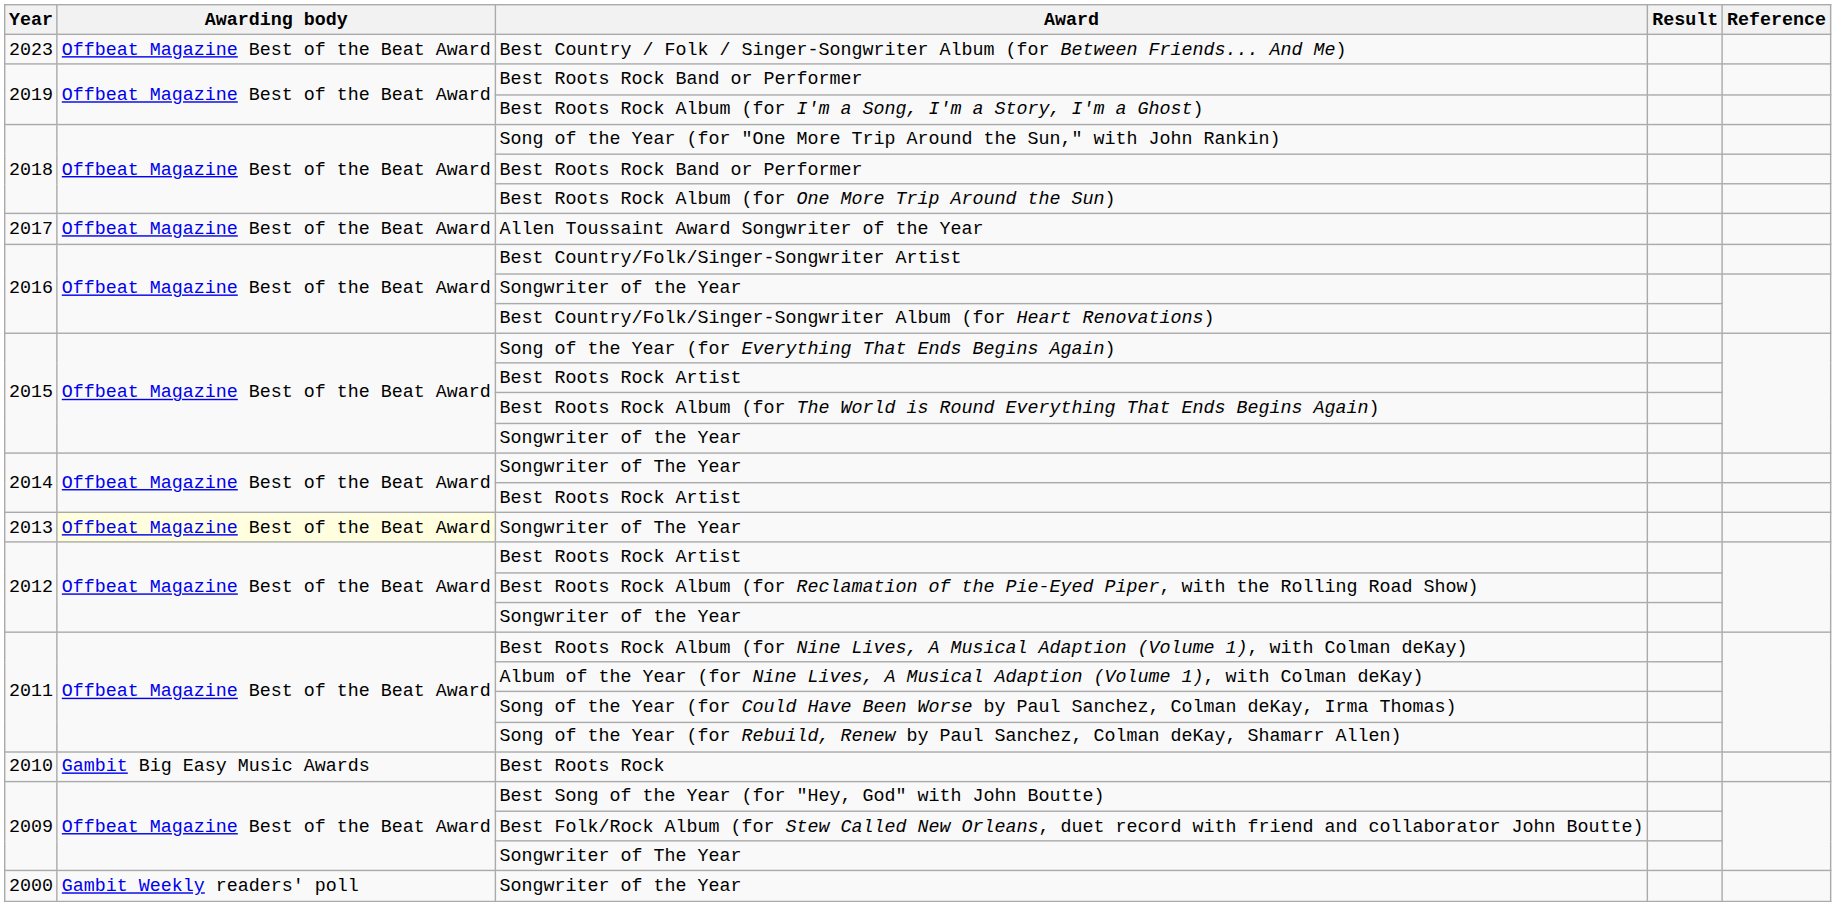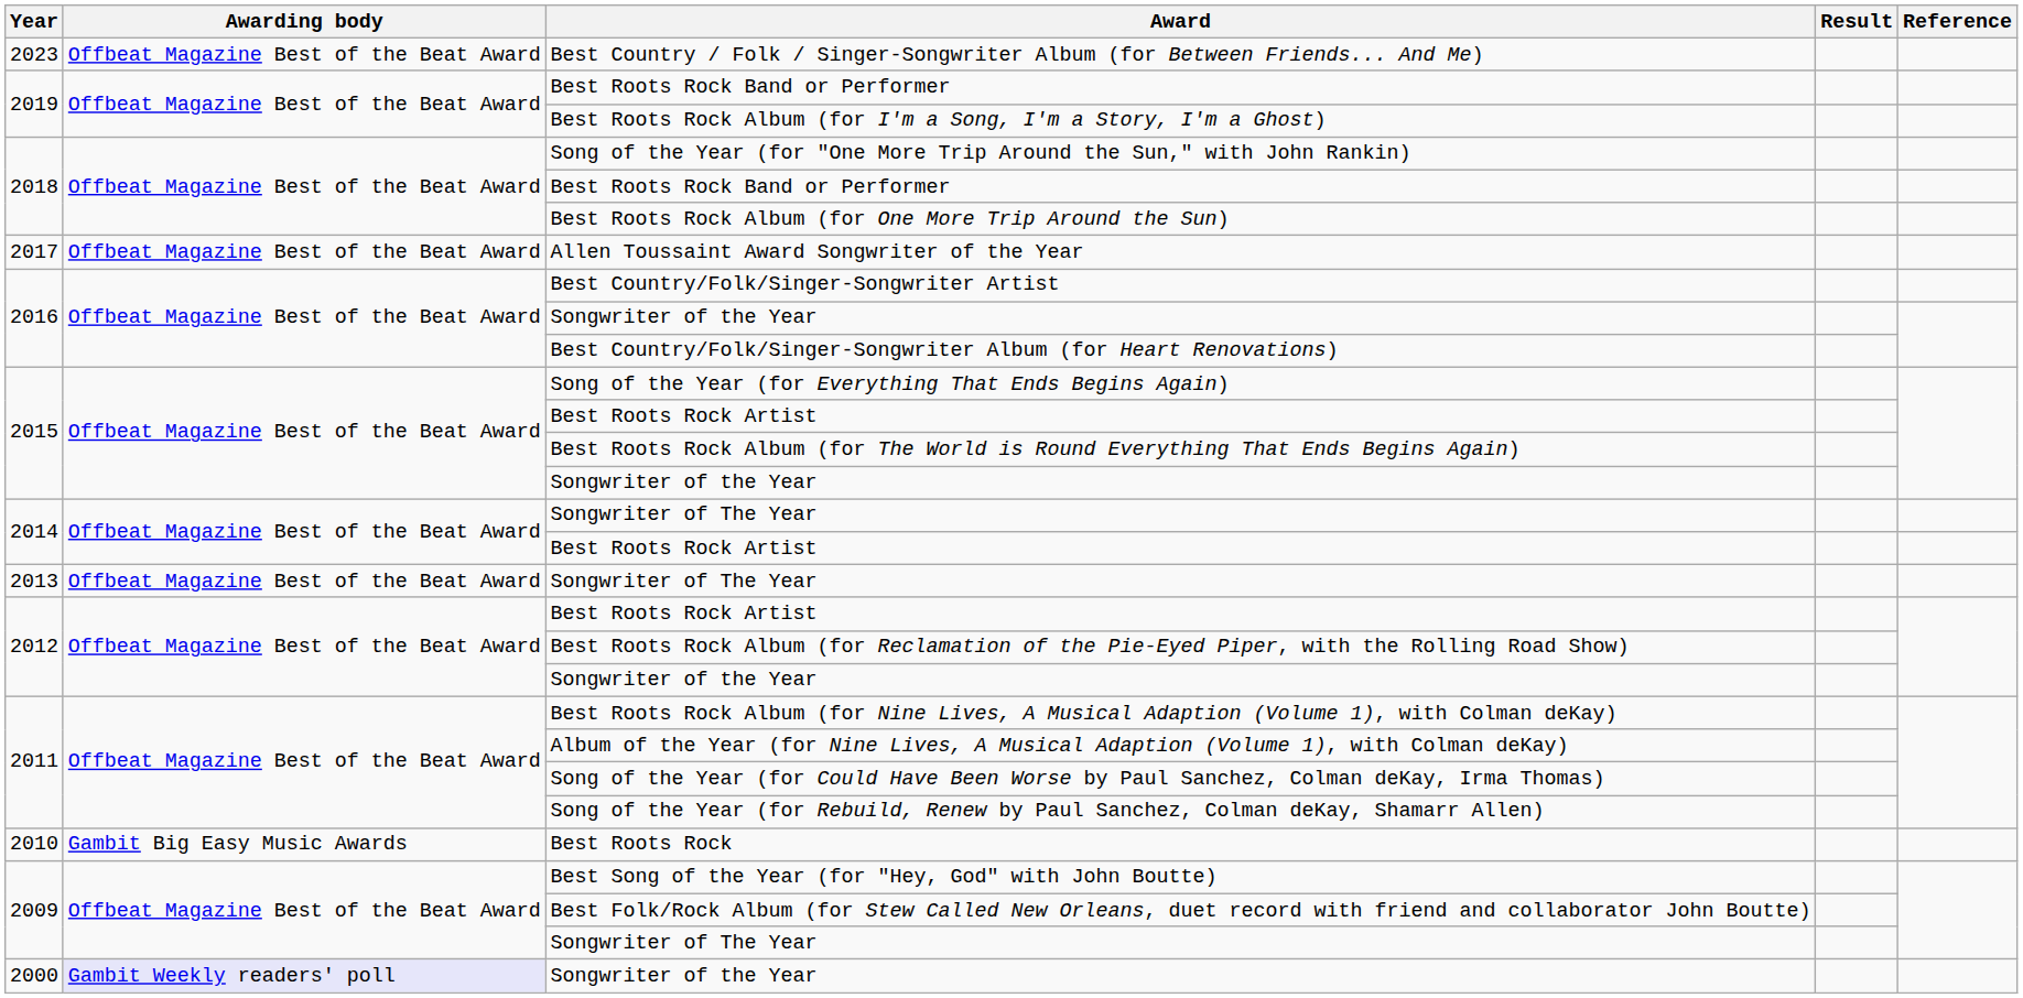 <table class="wikitable">
 <tr>
 <th>Year</th>
 <th>Awarding body</th>
 <th>Award</th>
 <th>Result</th>
 <th>Reference</th>
 </tr>
 <tr>
 <td>2023</td>
 <td><a href='#'>Offbeat Magazine</a> Best of the Beat Award</td>
 <td>Best Country / Folk / Singer-Songwriter Album (for <em>Between Friends... And Me</em>)</td>
 <td></td>
 <td></td>
 </tr>
 <tr>
 <td rowspan="2">2019</td>
 <td rowspan="2"><a href='#'>Offbeat Magazine</a> Best of the Beat Award</td>
 <td>Best Roots Rock Band or Performer</td>
 <td></td>
 <td></td>
 </tr>
 <tr>
 <td>Best Roots Rock Album (for <em>I'm a Song, I'm a Story, I'm a Ghost</em>)</td>
 <td></td>
 <td></td>
 </tr>
 <tr>
 <td rowspan="3">2018</td>
 <td rowspan="3"><a href='#'>Offbeat Magazine</a> Best of the Beat Award</td>
 <td>Song of the Year (for "One More Trip Around the Sun," with John Rankin)</td>
 <td></td>
 <td></td>
 </tr>
 <tr>
 <td>Best Roots Rock Band or Performer</td>
 <td></td>
 <td></td>
 </tr>
 <tr>
 <td>Best Roots Rock Album (for <em>One More Trip Around the Sun</em>)</td>
 <td></td>
 <td></td>
 </tr>
 <tr>
 <td>2017</td>
 <td><a href='#'>Offbeat Magazine</a> Best of the Beat Award</td>
 <td>Allen Toussaint Award Songwriter of the Year</td>
 <td></td>
 <td></td>
 </tr>
 <tr>
 <td rowspan="3">2016</td>
 <td rowspan="3"><a href='#'>Offbeat Magazine</a> Best of the Beat Award</td>
 <td>Best Country/Folk/Singer-Songwriter Artist</td>
 <td></td>
 <td></td>
 </tr>
 <tr>
 <td>Songwriter of the Year</td>
 <td></td>
 <td rowspan="2"></td>
 </tr>
 <tr>
 <td Best Country/Folk/Singer-Songwriter Album (for >Best Country/Folk/Singer-Songwriter Album (for <em>Heart Renovations</em>)</td>
 <td></td>
 </tr>
 <tr>
 <td rowspan="4">2015</td>
 <td rowspan="4"><a href='#'>Offbeat Magazine</a> Best of the Beat Award</td>
 <td Song of the Year (for >Song of the Year (for <em>Everything That Ends Begins Again</em>)</td>
 <td></td>
 <td rowspan="4"></td>
 </tr>
 <tr>
 <td Best Roots Rock Artist>Best Roots Rock Artist</td>
 <td></td>
 </tr>
 <tr>
 <td>Best Roots Rock Album (for <em>The World is Round Everything That Ends Begins Again</em>)</td>
 <td></td>
 </tr>
 <tr>
 <td>Songwriter of the Year</td>
 <td></td>
 </tr>
 <tr>
 <td rowspan="2">2014</td>
 <td rowspan="2"><a href='#'>Offbeat Magazine</a> Best of the Beat Award</td>
 <td>Songwriter of The Year</td>
 <td></td>
 <td></td>
 </tr>
 <tr>
 <td Best Roots Rock Artist>Best Roots Rock Artist</td>
 <td></td>
 <td></td>
 </tr>
 <tr>
 <td>2013</td>
-<td style="background: lightyellow;"><a href='#'>Offbeat Magazine</a> Best of the Beat Award</td>
+<td><a href='#'>Offbeat Magazine</a> Best of the Beat Award</td>
 <td Songwriter of The Year>Songwriter of The Year</td>
 <td></td>
 <td></td>
 </tr>
 <tr>
 <td rowspan="3">2012</td>
 <td rowspan="3"><a href='#'>Offbeat Magazine</a> Best of the Beat Award</td>
 <td Best Roots Rock Artist>Best Roots Rock Artist</td>
 <td></td>
 <td rowspan="3"></td>
 </tr>
 <tr>
 <td Best Roots Rock Album (for >Best Roots Rock Album (for <em>Reclamation of the Pie-Eyed Piper</em>, with the Rolling Road Show)</td>
 <td></td>
 </tr>
 <tr>
 <td>Songwriter of the Year</td>
 <td></td>
 </tr>
 <tr>
 <td rowspan="4">2011</td>
 <td rowspan="4"><a href='#'>Offbeat Magazine</a> Best of the Beat Award</td>
 <td Best Roots Rock Album (for >Best Roots Rock Album (for <em>Nine Lives, A Musical Adaption (Volume 1)</em>, with Colman deKay)</td>
 <td></td>
 <td rowspan="4"></td>
 </tr>
 <tr>
 <td>Album of the Year (for <em>Nine Lives, A Musical Adaption (Volume 1)</em>, with Colman deKay)</td>
 <td></td>
 </tr>
 <tr>
 <td>Song of the Year (for <em>Could Have Been Worse</em> by Paul Sanchez, Colman deKay, Irma Thomas)</td>
 <td></td>
 </tr>
 <tr>
 <td>Song of the Year (for <em>Rebuild, Renew</em> by Paul Sanchez, Colman deKay, Shamarr Allen)</td>
 <td></td>
 </tr>
 <tr>
 <td>2010</td>
 <td><a href='#'>Gambit</a> Big Easy Music Awards</td>
 <td Best Roots Rock Performer>Best Roots Rock</td>
 <td></td>
 <td></td>
 </tr>
 <tr>
 <td rowspan="3">2009</td>
 <td rowspan="3"><a href='#'>Offbeat Magazine</a> Best of the Beat Award</td>
 <td>Best Song of the Year (for "Hey, God" with John Boutte)</td>
 <td></td>
 <td rowspan="3"></td>
 </tr>
 <tr>
 <td>Best Folk/Rock Album (for <em>Stew Called New Orleans</em>, duet record with friend and collaborator John Boutte)</td>
 <td></td>
 </tr>
 <tr>
 <td>Songwriter of The Year</td>
 <td></td>
 </tr>
 <tr>
 <td>2000</td>
-<td><a href='#'>Gambit Weekly</a> readers' poll</td>
+<td style="background: lavender;"><a href='#'>Gambit Weekly</a> readers' poll</td>
 <td>Songwriter of the Year</td>
 <td></td>
 <td></td>
 </tr>
 </table>
